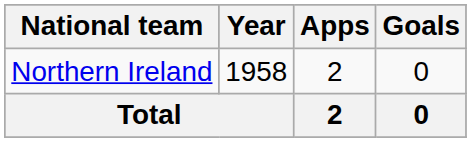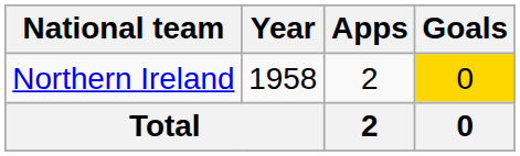 <table class=wikitable style="text-align: center">
 <tr>
 <th>National team</th>
 <th>Year</th>
 <th>Apps</th>
 <th>Goals</th>
 </tr>
 <tr>
 <td rowspan=1><a href='#'>Northern Ireland</a></td>
 <td>1958</td>
 <td>2</td>
-<td>0</td>
+<td style="background: gold;">0</td>
 </tr>
 <tr>
 <th colspan=2>Total</th>
 <th>2</th>
 <th>0</th>
 </tr>
 </table>
